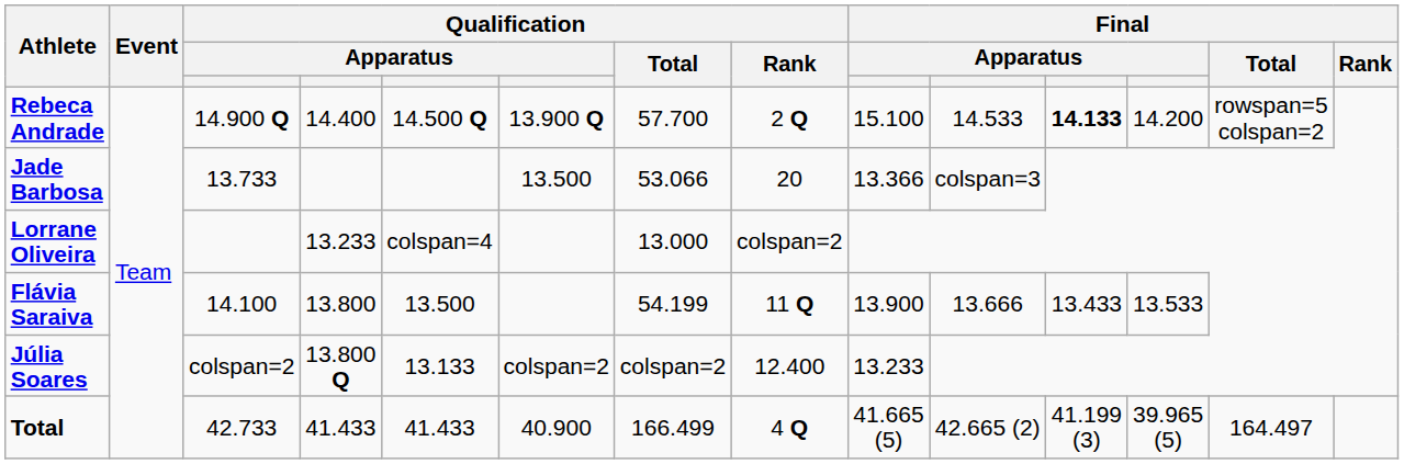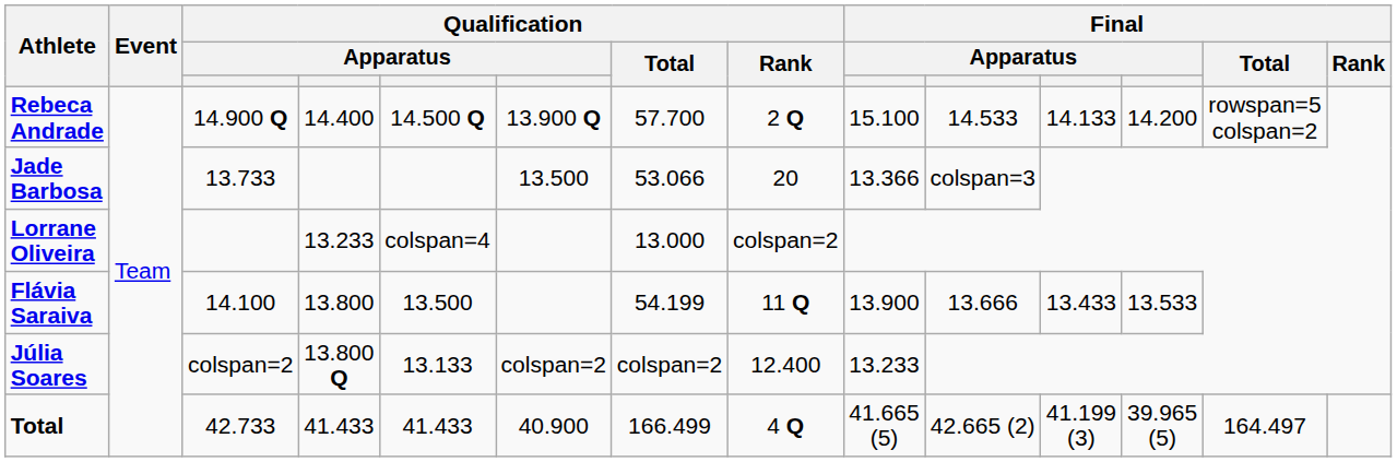 <table class=wikitable style=font-size:90%;text-align:center>
 <tr>
 <th rowspan=3>Athlete</th>
 <th rowspan=3>Event</th>
 <th colspan=6>Qualification</th>
 <th colspan=6>Final</th>
 </tr>
 <tr style=font-size:95%>
 <th colspan=4>Apparatus</th>
 <th rowspan=2>Total</th>
 <th rowspan=2>Rank</th>
 <th colspan=4>Apparatus</th>
 <th rowspan=2>Total</th>
 <th rowspan=2>Rank</th>
 </tr>
 <tr style=font-size:95%>
 <th></th>
 <th></th>
 <th></th>
 <th></th>
 <th></th>
 <th></th>
 <th></th>
 <th></th>
 </tr>
 <tr>
 <td align=left><strong><a href='#'>Rebeca Andrade</a></strong></td>
 <td align=left rowspan=6><a href='#'>Team</a></td>
 <td>14.900 <strong>Q</strong></td>
 <td>14.400</td>
 <td>14.500 <strong>Q</strong></td>
 <td>13.900 <strong>Q</strong></td>
 <td>57.700</td>
 <td>2 <strong>Q</strong></td>
 <td>15.100</td>
 <td>14.533</td>
-<td><strong>14.133</strong></td>
+<td>14.133</td>
 <td>14.200</td>
 <td>rowspan=5 colspan=2 </td>
 </tr>
 <tr>
 <td align=left><strong><a href='#'>Jade Barbosa</a></strong></td>
 <td>13.733</td>
 <td></td>
 <td></td>
 <td>13.500</td>
 <td>53.066</td>
 <td>20</td>
 <td>13.366</td>
 <td>colspan=3 </td>
 </tr>
 <tr>
 <td align=left><strong><a href='#'>Lorrane Oliveira</a></strong></td>
 <td></td>
 <td>13.233</td>
 <td>colspan=4 </td>
 <td></td>
 <td>13.000</td>
 <td>colspan=2 </td>
 </tr>
 <tr>
 <td align=left><strong><a href='#'>Flávia Saraiva</a></strong></td>
 <td>14.100</td>
 <td>13.800</td>
 <td>13.500</td>
 <td></td>
 <td>54.199</td>
 <td>11 <strong>Q</strong></td>
 <td>13.900</td>
 <td>13.666</td>
 <td>13.433</td>
 <td>13.533</td>
 </tr>
 <tr>
 <td align=left><strong><a href='#'>Júlia Soares</a></strong></td>
 <td>colspan=2 </td>
 <td>13.800 <strong>Q</strong></td>
 <td>13.133</td>
 <td>colspan=2 </td>
 <td>colspan=2 </td>
 <td>12.400</td>
 <td>13.233</td>
 </tr>
 <tr>
 <td align=left><strong>Total</strong></td>
 <td>42.733</td>
 <td>41.433</td>
 <td>41.433</td>
 <td>40.900</td>
 <td>166.499</td>
 <td>4 <strong>Q</strong></td>
 <td>41.665 (5)</td>
 <td>42.665 (2)</td>
 <td>41.199 (3)</td>
 <td>39.965 (5)</td>
 <td>164.497</td>
 <td></td>
 </tr>
 </table>
